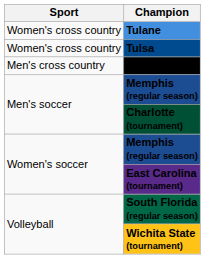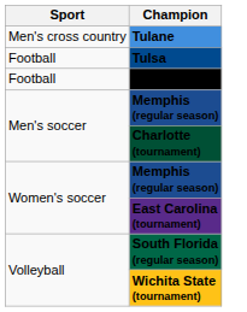 <table class="wikitable">
 <tr>
 <th>Sport</th>
 <th>Champion</th>
 </tr>
 <tr>
-<td>Women's cross country</td>
+<td>Men's cross country</td>
 <td style="background:#418fde;"><span><strong>Tulane</strong></span></td>
 </tr>
 <tr>
-<td>Women's cross country</td>
+<td>Football</td>
 <td style="background:#004a8f;"><span><strong>Tulsa</strong></span></td>
 </tr>
 <tr>
-<td>Men's cross country</td>
+<td>Football</td>
 <td style="background:#000;"><span><strong>Army</strong></span></td>
 </tr>
 <tr>
 <td rowspan=2>Men's soccer</td>
 <td style="background:#1c4c91;"><span><strong>Memphis<br><small>(regular season)</small></strong></span></td>
 </tr>
 <tr>
 <td style="background:#005035;"><span><strong>Charlotte<br><small>(tournament)</small></strong></span></td>
 </tr>
 <tr>
 <td rowspan=2>Women's soccer</td>
 <td style="background:#1c4c91;"><span><strong>Memphis<br><small>(regular season)</small></strong></span></td>
 </tr>
 <tr>
 <td style="background:#592A8A;"><span><strong>East Carolina<br><small>(tournament)</small></strong></span></td>
 </tr>
 <tr>
 <td rowspan=2>Volleyball</td>
 <td style="background:#006747;"><span><strong>South Florida<br><small>(regular season)</small></strong></span></td>
 </tr>
 <tr>
 <td style="background:#ffc217;"><span><strong>Wichita State<br><small>(tournament)</small></strong></span></td>
 </tr>
 </table>
